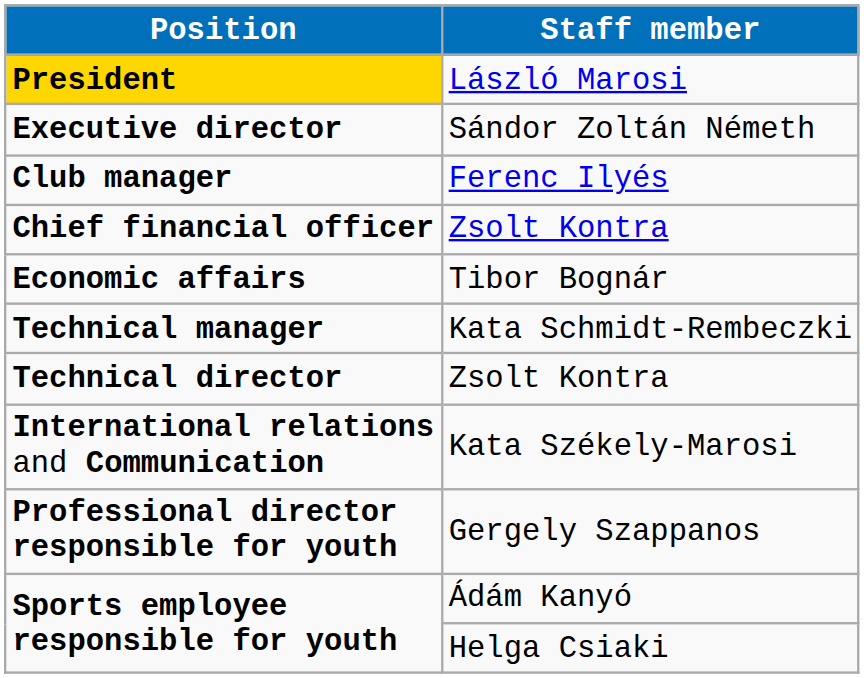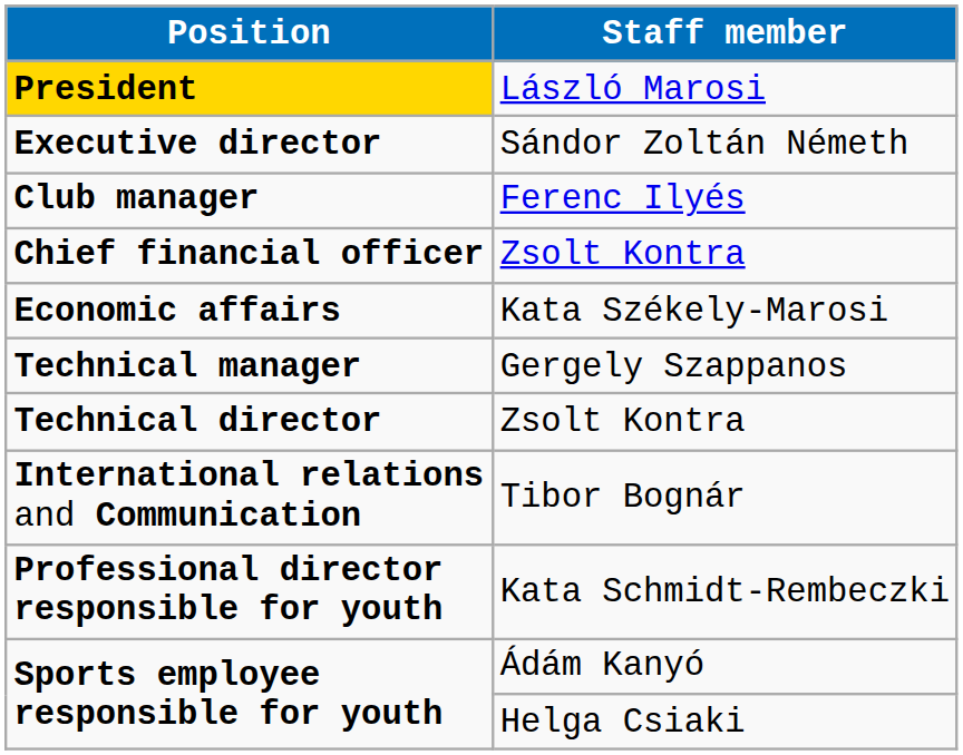 <table class="wikitable">
 <tr>
 <th style="color:white; background:#0070BB">Position</th>
 <th style="color:white; background:#0070BB">Staff member</th>
 </tr>
 <tr>
 <td style="background: gold;"><strong>President</strong></td>
 <td><a href='#'>László Marosi</a></td>
 </tr>
 <tr>
 <td><strong>Executive director</strong></td>
 <td>Sándor Zoltán Németh</td>
 </tr>
 <tr>
 <td><strong>Club manager</strong></td>
 <td><a href='#'>Ferenc Ilyés</a></td>
 </tr>
 <tr>
 <td><strong>Chief financial officer</strong></td>
 <td><a href='#'>Zsolt Kontra</a></td>
 </tr>
 <tr>
 <td><strong>Economic affairs</strong></td>
-<td>Tibor Bognár</td>
+<td>Kata Székely-Marosi</td>
 </tr>
 <tr>
 <td><strong>Technical manager</strong></td>
-<td>Kata Schmidt-Rembeczki</td>
+<td>Gergely Szappanos</td>
 </tr>
 <tr>
 <td><strong>Technical director</strong></td>
 <td>Zsolt Kontra</td>
 </tr>
 <tr>
 <td><strong>International relations</strong><br>and <strong>Communication</strong></td>
-<td>Kata Székely-Marosi</td>
+<td>Tibor Bognár</td>
 </tr>
 <tr>
 <td><strong>Professional director<br>responsible for youth</strong></td>
-<td>Gergely Szappanos</td>
+<td>Kata Schmidt-Rembeczki</td>
 </tr>
 <tr>
 <td rowspan=2><strong>Sports employee<br>responsible for youth</strong></td>
 <td>Ádám Kanyó</td>
 </tr>
 <tr>
 <td>Helga Csiaki</td>
 </tr>
 </table>
